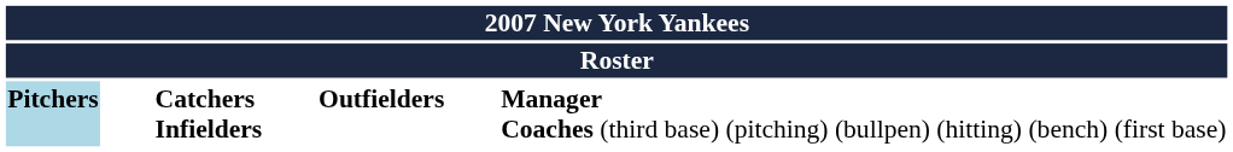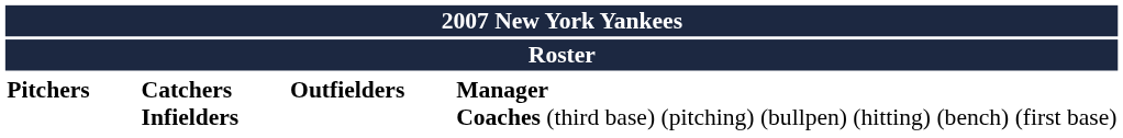 <table class="toccolours" style="font-size: 95%;">
 <tr>
 <th colspan="10" style="background-color: #1c2841; color: white; text-align: center;">2007 New York Yankees</th>
 </tr>
 <tr>
 <td colspan="10" style="background-color: #1c2841; color: white; text-align: center;"><strong>Roster</strong></td>
 </tr>
 <tr>
-<td valign="top" style="background: lightblue;"><strong>Pitchers</strong><br>                           </td>
+<td valign="top"><strong>Pitchers</strong><br>                           </td>
 <td width="25px"></td>
 <td valign="top"><strong>Catchers</strong><br>   <strong>Infielders</strong>           </td>
 <td width="25px"></td>
 <td valign="top"><strong>Outfielders</strong><br>      </td>
 <td width="25px"></td>
 <td valign="top"><strong>Manager</strong><br> <strong>Coaches</strong>  (third base) (pitching)  (bullpen)  (hitting)  (bench)  (first base)</td>
 </tr>
 </table>
